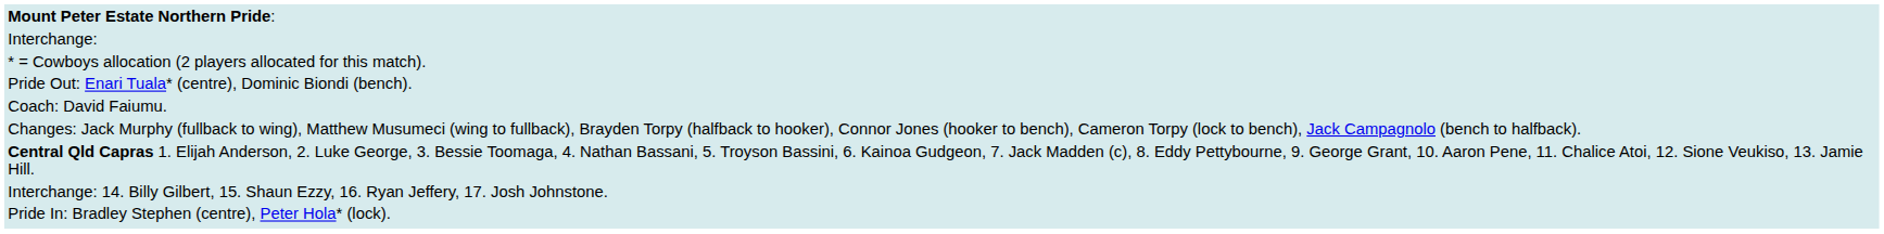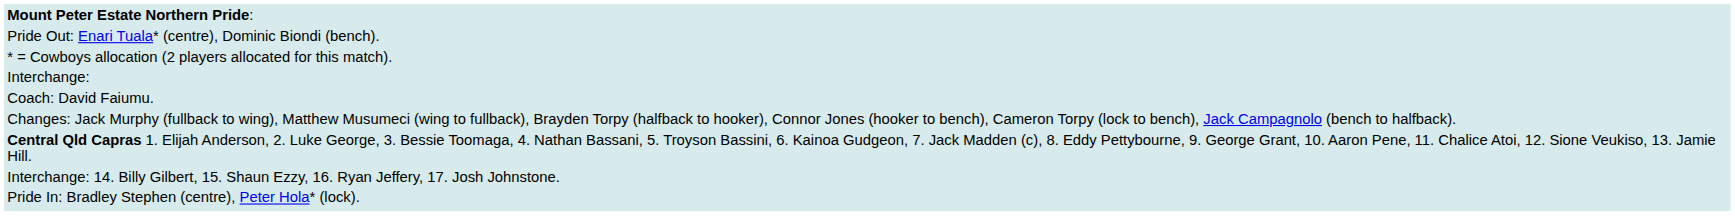 <table style="background:#d7ebed; font-size:85%; width:100%;">
 <tr>
 <td><strong>Mount Peter Estate Northern Pride</strong>:              </td>
 </tr>
 <tr>
-<td>Interchange:    </td>
+<td>Pride Out: <a href='#'>Enari Tuala</a>* (centre), Dominic Biondi (bench).</td>
 </tr>
 <tr>
 <td>* = Cowboys allocation (2 players allocated for this match).</td>
 </tr>
 <tr>
-<td>Pride Out: <a href='#'>Enari Tuala</a>* (centre), Dominic Biondi (bench).</td>
+<td>Interchange:    </td>
 </tr>
 <tr>
 <td>Coach: David Faiumu.</td>
 </tr>
 <tr>
 <td>Changes: Jack Murphy (fullback to wing), Matthew Musumeci (wing to fullback), Brayden Torpy (halfback to hooker), Connor Jones (hooker to bench), Cameron Torpy (lock to bench), <a href='#'>Jack Campagnolo</a> (bench to halfback).</td>
 </tr>
 <tr>
 <td><strong>Central Qld Capras</strong> 1. Elijah Anderson, 2. Luke George, 3. Bessie Toomaga, 4. Nathan Bassani, 5. Troyson Bassini, 6. Kainoa Gudgeon, 7. Jack Madden (c), 8. Eddy Pettybourne, 9. George Grant, 10. Aaron Pene, 11. Chalice Atoi, 12. Sione Veukiso, 13. Jamie Hill.</td>
 </tr>
 <tr>
 <td>Interchange: 14. Billy Gilbert, 15. Shaun Ezzy, 16. Ryan Jeffery, 17. Josh Johnstone.</td>
 </tr>
 <tr>
 <td>Pride In: Bradley Stephen (centre), <a href='#'>Peter Hola</a>* (lock).</td>
 </tr>
 <tr>
 </tr>
 </table>
